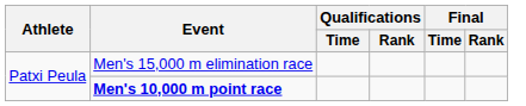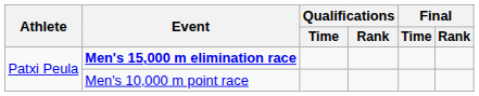 <table class=wikitable style="font-size:90%">
 <tr>
 <th rowspan="2">Athlete</th>
 <th rowspan="2">Event</th>
 <th colspan="2">Qualifications</th>
 <th colspan="2">Final</th>
 </tr>
 <tr style="font-size:95%">
 <th>Time</th>
 <th>Rank</th>
 <th>Time</th>
 <th>Rank</th>
 </tr>
 <tr align=center>
 <td align=left rowspan=2><a href='#'>Patxi Peula</a></td>
-<td align=left><a href='#'>Men's 15,000 m elimination race</a></td>
+<td align=left><strong><a href='#'>Men's 15,000 m elimination race</a></strong></td>
 <td></td>
 <td></td>
 <td></td>
 <td></td>
 </tr>
 <tr align=center>
-<td align=left><strong><a href='#'>Men's 10,000 m point race</a></strong></td>
+<td align=left><a href='#'>Men's 10,000 m point race</a></td>
 <td></td>
 <td></td>
 <td></td>
 <td></td>
 </tr>
 </table>
